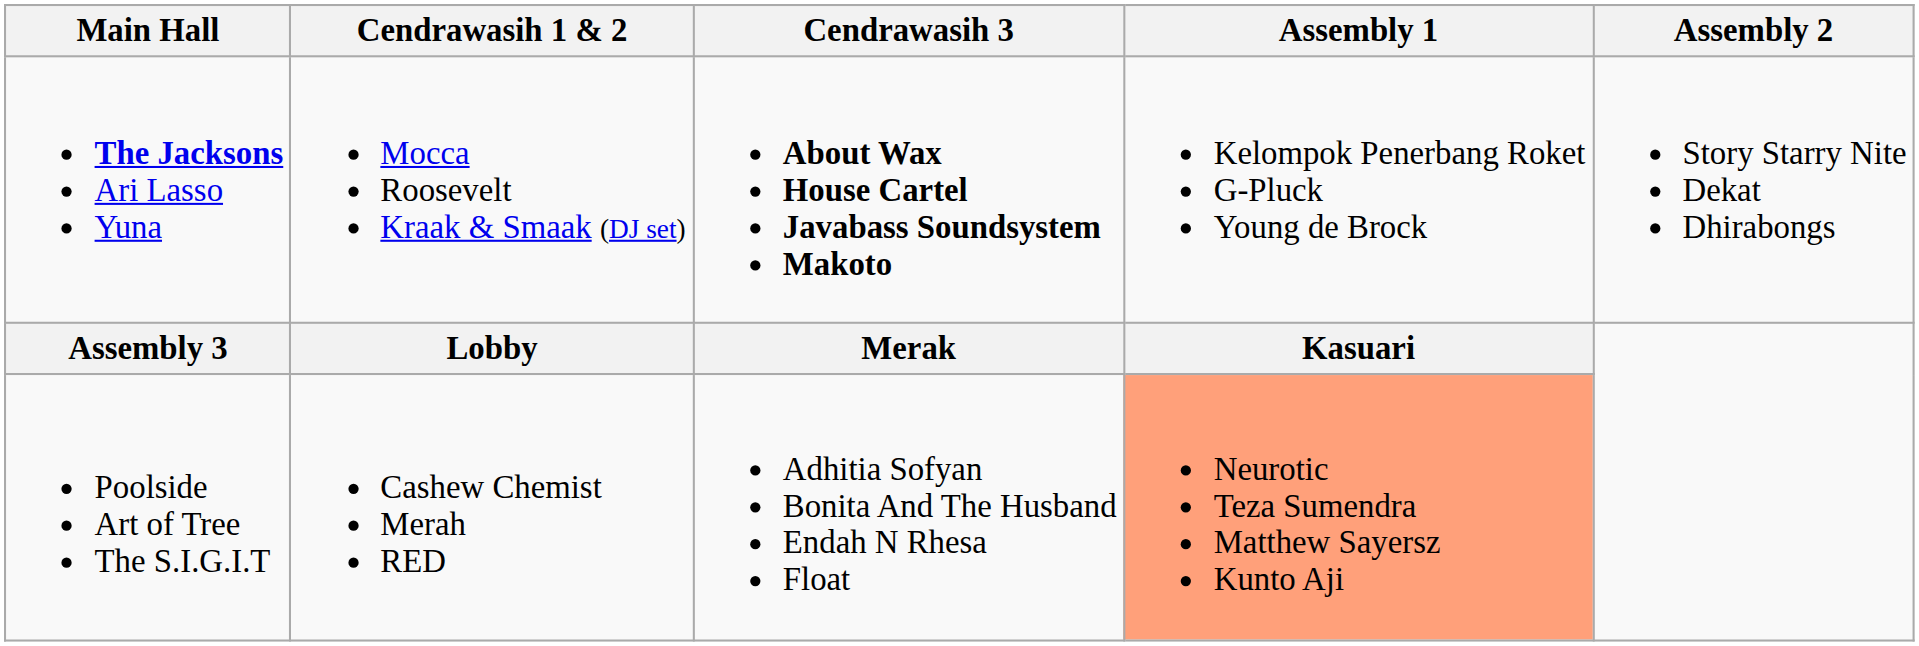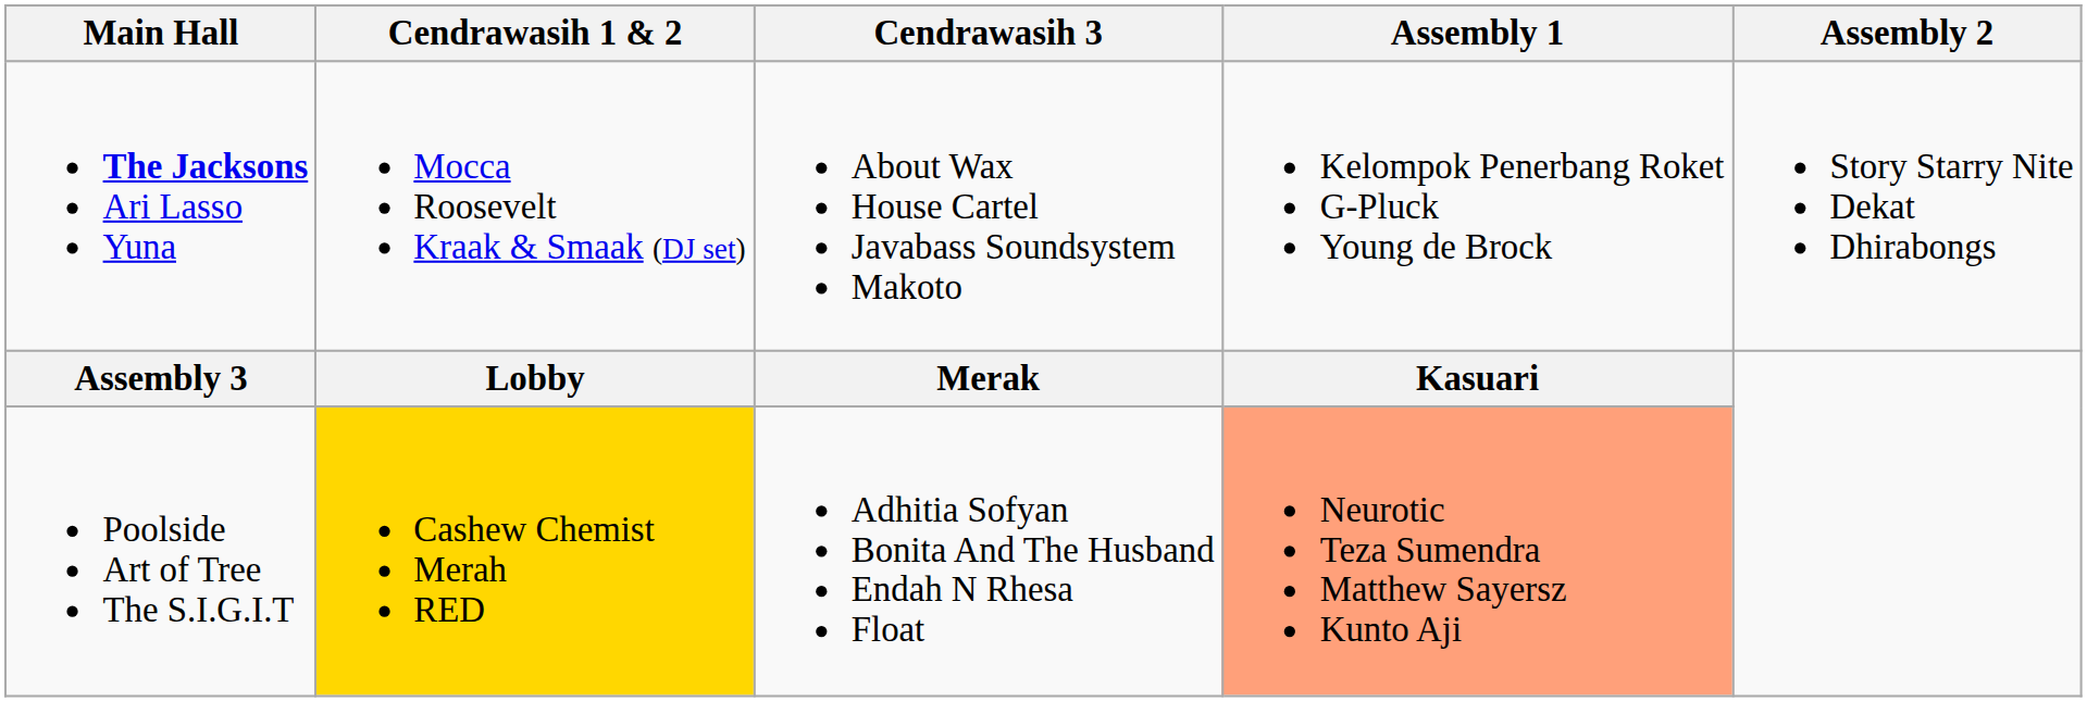 <table class="wikitable">
 <tr>
 <th>Main Hall</th>
 <th>Cendrawasih 1 & 2</th>
 <th>Cendrawasih 3</th>
 <th>Assembly 1</th>
 <th>Assembly 2</th>
 </tr>
 <tr valign="top">
 <td><br><ul><li><strong><a href='#'>The Jacksons</a></strong></li><li><a href='#'>Ari Lasso</a></li><li><a href='#'>Yuna</a></li></ul></td>
 <td><br><ul><li><a href='#'>Mocca</a></li><li>Roosevelt</li><li><a href='#'>Kraak & Smaak</a> <small>(<a href='#'>DJ set</a>)</small></li></ul></td>
-<td><strong><br><ul><li>About Wax</li><li>House Cartel</li><li>Javabass Soundsystem</li><li>Makoto</li></ul></strong></td>
+<td><br><ul><li>About Wax</li><li>House Cartel</li><li>Javabass Soundsystem</li><li>Makoto</li></ul></td>
 <td><br><ul><li>Kelompok Penerbang Roket</li><li>G-Pluck</li><li>Young de Brock</li></ul></td>
 <td><br><ul><li>Story Starry Nite</li><li>Dekat</li><li>Dhirabongs</li></ul></td>
 </tr>
 <tr>
 <th>Assembly 3</th>
 <th>Lobby</th>
 <th>Merak</th>
 <th>Kasuari</th>
 </tr>
 <tr>
 <td><br><ul><li>Poolside</li><li>Art of Tree</li><li>The S.I.G.I.T</li></ul></td>
-<td><br><ul><li>Cashew Chemist</li><li>Merah</li><li>RED</li></ul></td>
+<td style="background: gold;"><br><ul><li>Cashew Chemist</li><li>Merah</li><li>RED</li></ul></td>
 <td><br><ul><li>Adhitia Sofyan</li><li>Bonita And The Husband</li><li>Endah N Rhesa</li><li>Float</li></ul></td>
 <td style="background: lightsalmon;"><br><ul><li>Neurotic</li><li>Teza Sumendra</li><li>Matthew Sayersz</li><li>Kunto Aji</li></ul></td>
 </tr>
 </table>
